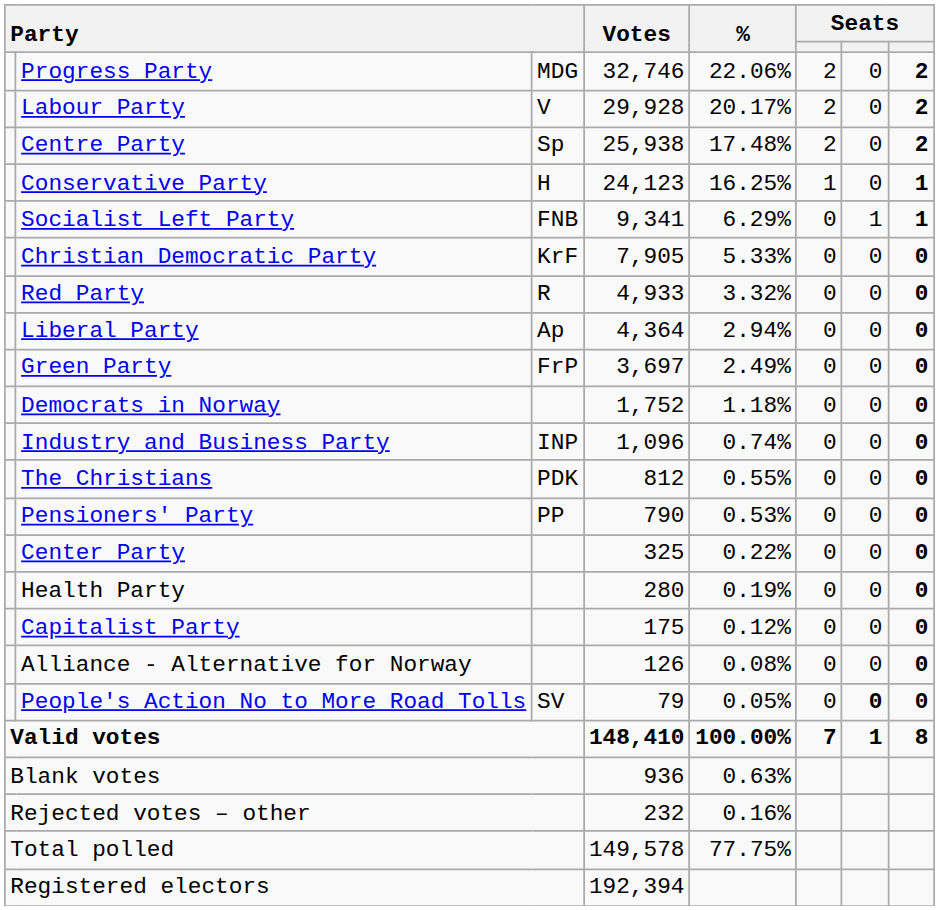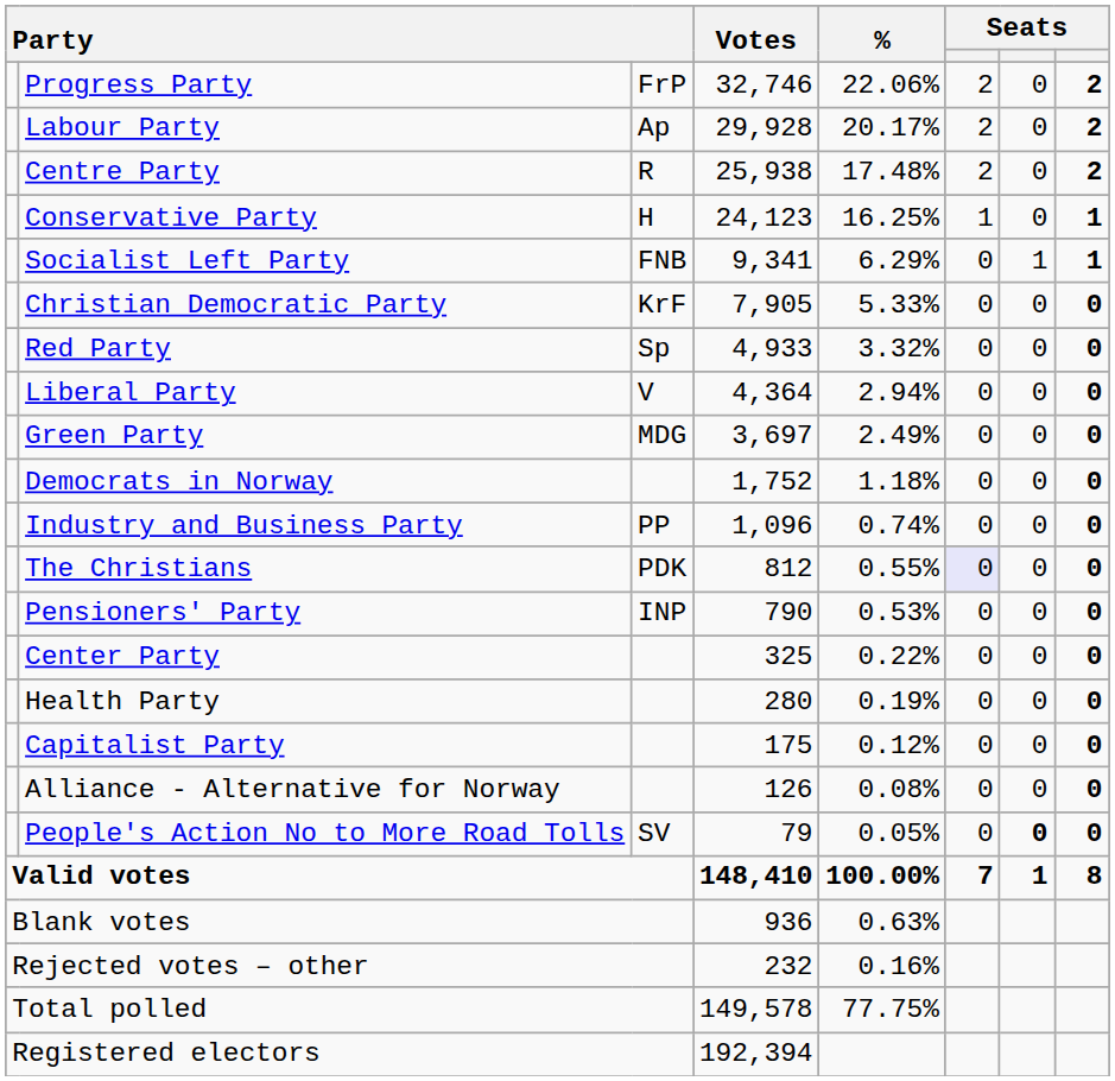 <table class="wikitable" border="1" style="text-align:right;">
 <tr>
 <th style="text-align:left;" valign=bottom rowspan=2 colspan=3>Party</th>
 <th align=center valign=bottom rowspan=2 width="50">Votes</th>
 <th align=center valign=bottom rowspan=2 width="50">%</th>
 <th colspan=3>Seats</th>
 </tr>
 <tr>
 <th align=center valign=bottom width="20"><small></small></th>
 <th align=center valign=bottom width="20"><small><a href='#'></a></small></th>
 <th align=center valign=bottom width="20"><small></small></th>
 </tr>
 <tr>
 <td style="color:inherit;background:"></td>
 <td align=left><a href='#'>Progress Party</a></td>
-<td align=left>MDG</td>
+<td align=left>FrP</td>
 <td>32,746</td>
 <td>22.06%</td>
 <td>2</td>
 <td>0</td>
 <td><strong>2</strong></td>
 </tr>
 <tr>
 <td style="color:inherit;background:"></td>
 <td align=left><a href='#'>Labour Party</a></td>
-<td align=left>V</td>
+<td align=left>Ap</td>
 <td>29,928</td>
 <td>20.17%</td>
 <td>2</td>
 <td>0</td>
 <td><strong>2</strong></td>
 </tr>
 <tr>
 <td style="color:inherit;background:"></td>
 <td align=left><a href='#'>Centre Party</a></td>
-<td align=left>Sp</td>
+<td align=left>R</td>
 <td>25,938</td>
 <td>17.48%</td>
 <td>2</td>
 <td>0</td>
 <td><strong>2</strong></td>
 </tr>
 <tr>
 <td style="color:inherit;background:"></td>
 <td align=left><a href='#'>Conservative Party</a></td>
 <td align=left>H</td>
 <td>24,123</td>
 <td>16.25%</td>
 <td>1</td>
 <td>0</td>
 <td><strong>1</strong></td>
 </tr>
 <tr>
 <td style="color:inherit;background:"></td>
 <td align=left><a href='#'>Socialist Left Party</a></td>
 <td align=left>FNB</td>
 <td>9,341</td>
 <td>6.29%</td>
 <td>0</td>
 <td>1</td>
 <td><strong>1</strong></td>
 </tr>
 <tr>
 <td style="color:inherit;background:"></td>
 <td align=left><a href='#'>Christian Democratic Party</a></td>
 <td align=left>KrF</td>
 <td>7,905</td>
 <td>5.33%</td>
 <td>0</td>
 <td>0</td>
 <td><strong>0</strong></td>
 </tr>
 <tr>
 <td style="color:inherit;background:"></td>
 <td align=left><a href='#'>Red Party</a></td>
-<td align=left>R</td>
+<td align=left>Sp</td>
 <td>4,933</td>
 <td>3.32%</td>
 <td>0</td>
 <td>0</td>
 <td><strong>0</strong></td>
 </tr>
 <tr>
 <td style="color:inherit;background:"></td>
 <td align=left><a href='#'>Liberal Party</a></td>
-<td align=left>Ap</td>
+<td align=left>V</td>
 <td>4,364</td>
 <td>2.94%</td>
 <td>0</td>
 <td>0</td>
 <td><strong>0</strong></td>
 </tr>
 <tr>
 <td style="color:inherit;background:"></td>
 <td align=left><a href='#'>Green Party</a></td>
-<td align=left>FrP</td>
+<td align=left>MDG</td>
 <td>3,697</td>
 <td>2.49%</td>
 <td>0</td>
 <td>0</td>
 <td><strong>0</strong></td>
 </tr>
 <tr>
 <td style="color:inherit;background:"></td>
 <td align=left><a href='#'>Democrats in Norway</a></td>
 <td align=left></td>
 <td>1,752</td>
 <td>1.18%</td>
 <td>0</td>
 <td>0</td>
 <td><strong>0</strong></td>
 </tr>
 <tr>
 <td style="color:inherit;background:"></td>
 <td align=left><a href='#'>Industry and Business Party</a></td>
-<td align=left>INP</td>
+<td align=left>PP</td>
 <td>1,096</td>
 <td>0.74%</td>
 <td>0</td>
 <td>0</td>
 <td><strong>0</strong></td>
 </tr>
 <tr>
 <td style="color:inherit;background:"></td>
 <td align=left><a href='#'>The Christians</a></td>
 <td align=left>PDK</td>
 <td>812</td>
 <td>0.55%</td>
-<td>0</td>
+<td style="background: lavender;">0</td>
 <td>0</td>
 <td><strong>0</strong></td>
 </tr>
 <tr>
 <td style="color:inherit;background:"></td>
 <td align=left><a href='#'>Pensioners' Party</a></td>
-<td align=left>PP</td>
+<td align=left>INP</td>
 <td>790</td>
 <td>0.53%</td>
 <td>0</td>
 <td>0</td>
 <td><strong>0</strong></td>
 </tr>
 <tr>
 <td style="color:inherit;background:"></td>
 <td align=left><a href='#'>Center Party</a></td>
 <td align=left></td>
 <td>325</td>
 <td>0.22%</td>
 <td>0</td>
 <td>0</td>
 <td><strong>0</strong></td>
 </tr>
 <tr>
 <td></td>
 <td align=left>Health Party</td>
 <td align=left></td>
 <td>280</td>
 <td>0.19%</td>
 <td>0</td>
 <td>0</td>
 <td><strong>0</strong></td>
 </tr>
 <tr>
 <td style="color:inherit;background:"></td>
 <td align=left><a href='#'>Capitalist Party</a></td>
 <td align=left></td>
 <td>175</td>
 <td>0.12%</td>
 <td>0</td>
 <td>0</td>
 <td><strong>0</strong></td>
 </tr>
 <tr>
 <td></td>
 <td align=left>Alliance - Alternative for Norway</td>
 <td align=left></td>
 <td>126</td>
 <td>0.08%</td>
 <td>0</td>
 <td>0</td>
 <td><strong>0</strong></td>
 </tr>
 <tr>
 <td style="color:inherit;background:"></td>
 <td align=left><a href='#'>People's Action No to More Road Tolls</a></td>
 <td align=left>SV</td>
 <td>79</td>
 <td>0.05%</td>
 <td>0</td>
 <td><strong>0</strong></td>
 <td><strong>0</strong></td>
 </tr>
 <tr style="font-weight:bold">
 <td align=left colspan=3>Valid votes</td>
 <td>148,410</td>
 <td>100.00%</td>
 <td>7</td>
 <td>1</td>
 <td>8</td>
 </tr>
 <tr>
 <td align=left colspan=3>Blank votes</td>
 <td>936</td>
 <td>0.63%</td>
 <td></td>
 <td></td>
 <td></td>
 </tr>
 <tr>
 <td align=left colspan=3>Rejected votes – other</td>
 <td>232</td>
 <td>0.16%</td>
 <td></td>
 <td></td>
 <td></td>
 </tr>
 <tr>
 <td align=left colspan=3>Total polled</td>
 <td>149,578</td>
 <td>77.75%</td>
 <td></td>
 <td></td>
 <td></td>
 </tr>
 <tr>
 <td align=left colspan=3>Registered electors</td>
 <td>192,394</td>
 <td></td>
 <td></td>
 <td></td>
 <td></td>
 </tr>
 </table>
